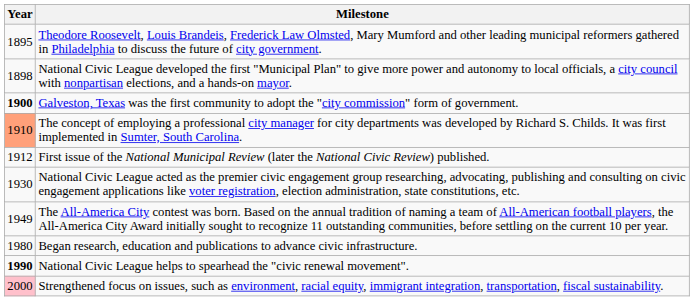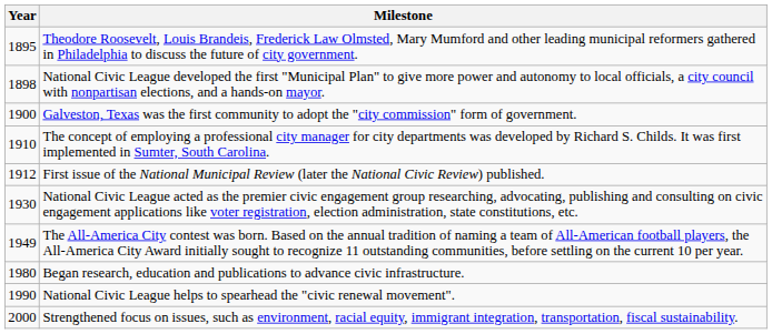 <table class="wikitable mw-collapsible">
 <tr>
 <th>Year</th>
 <th>Milestone</th>
 </tr>
 <tr>
 <td>1895<br></td>
 <td><a href='#'>Theodore Roosevelt</a>, <a href='#'>Louis Brandeis</a>, <a href='#'>Frederick Law Olmsted</a>, Mary Mumford and other leading municipal reformers gathered in <a href='#'>Philadelphia</a> to discuss the future of <a href='#'>city government</a>.</td>
 </tr>
 <tr>
 <td>1898</td>
 <td>National Civic League developed the first "Municipal Plan" to give more power and autonomy to local officials, a <a href='#'>city council</a> with <a href='#'>nonpartisan</a> elections, and a hands-on <a href='#'>mayor</a>.</td>
 </tr>
 <tr>
-<td><strong>1900</strong></td>
+<td>1900</td>
 <td><a href='#'>Galveston, Texas</a> was the first community to adopt the "<a href='#'>city commission</a>" form of government.</td>
 </tr>
 <tr>
-<td style="background: lightsalmon;">1910</td>
+<td>1910</td>
 <td>The concept of employing a professional <a href='#'>city manager</a> for city departments was developed by Richard S. Childs. It was first implemented in <a href='#'>Sumter, South Carolina</a>.</td>
 </tr>
 <tr>
 <td>1912</td>
 <td>First issue of the <em>National Municipal Review</em> (later the <em>National Civic Review</em>) published.</td>
 </tr>
 <tr>
 <td>1930</td>
 <td>National Civic League acted as the premier civic engagement group researching, advocating, publishing and consulting on civic engagement applications like <a href='#'>voter registration</a>, election administration, state constitutions, etc.</td>
 </tr>
 <tr>
 <td>1949</td>
 <td>The <a href='#'>All-America City</a> contest was born. Based on the annual tradition of naming a team of <a href='#'>All-American football players</a>, the All-America City Award initially sought to recognize 11 outstanding communities, before settling on the current 10 per year.</td>
 </tr>
 <tr>
 <td>1980</td>
 <td>Began research, education and publications to advance civic infrastructure.</td>
 </tr>
 <tr>
-<td><strong>1990</strong></td>
+<td>1990</td>
 <td>National Civic League helps to spearhead the "civic renewal movement".</td>
 </tr>
 <tr>
-<td style="background: pink;">2000</td>
+<td>2000</td>
 <td>Strengthened focus on issues, such as <a href='#'>environment</a>, <a href='#'>racial equity</a>, <a href='#'>immigrant integration</a>, <a href='#'>transportation</a>, <a href='#'>fiscal sustainability</a>.</td>
 </tr>
 </table>
